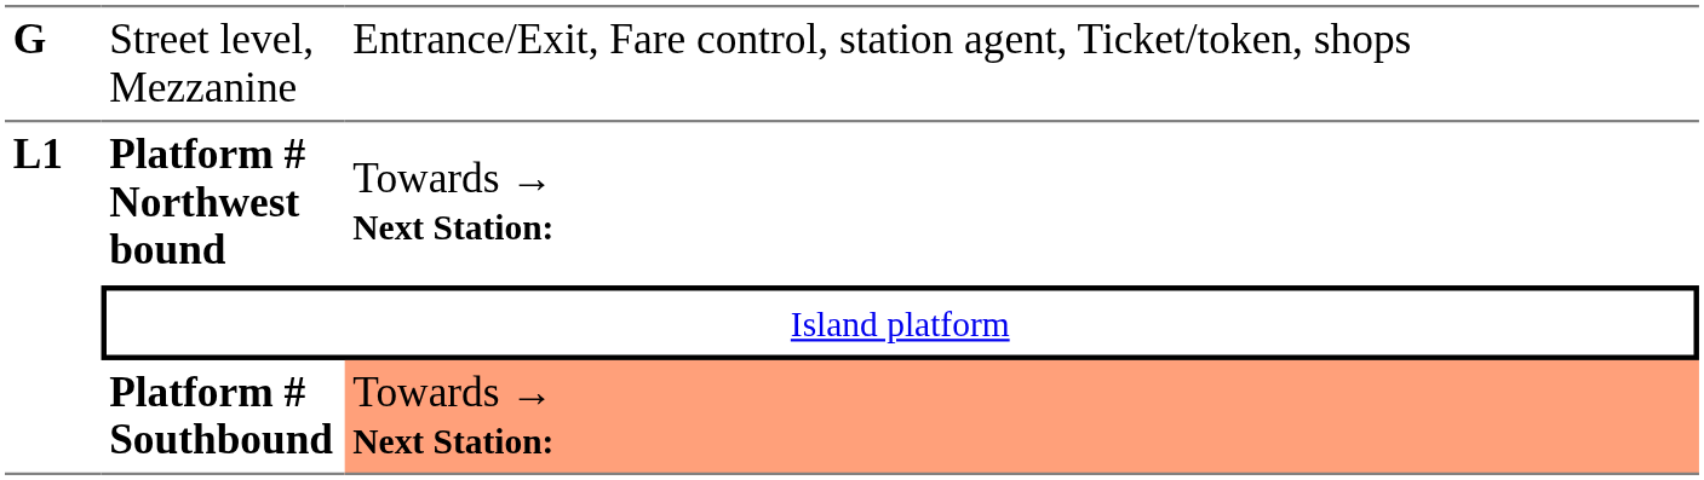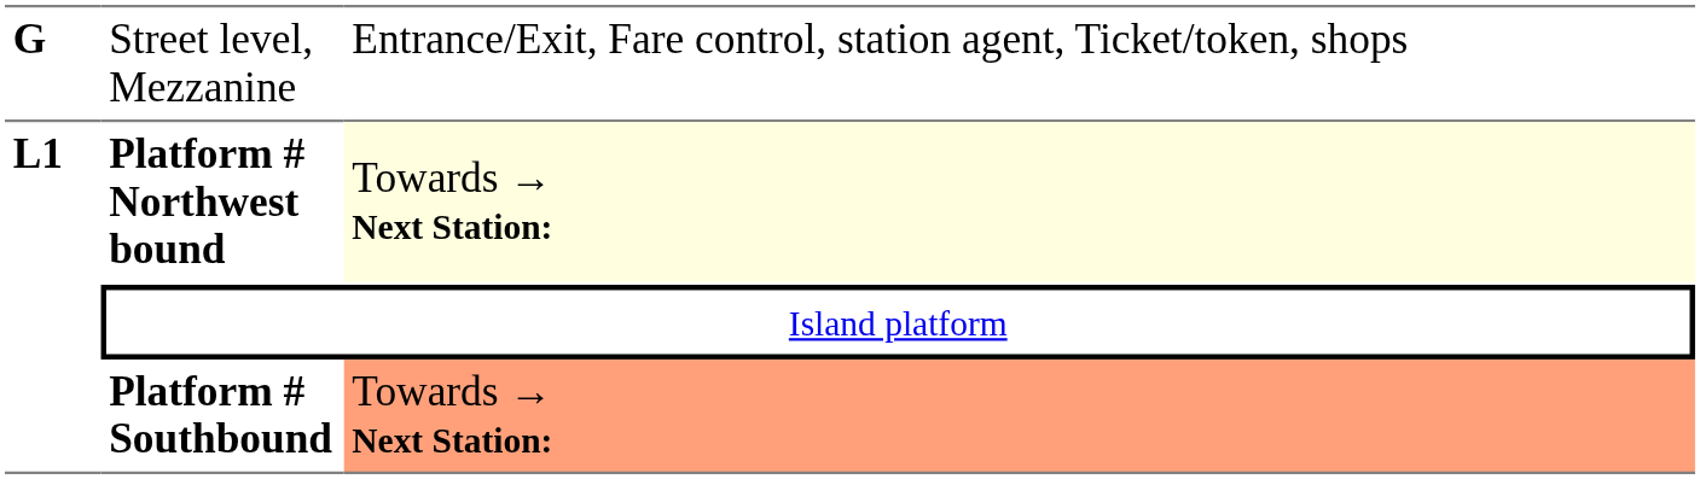 <table border="0" cellspacing="0" cellpadding="3">
 <tr>
 <td width="30" valign="top" style="border-top:solid 1px gray;border-bottom:solid 1px gray;"><strong>G</strong></td>
 <td width="85" valign="top" style="border-top:solid 1px gray;border-bottom:solid 1px gray;">Street level, Mezzanine</td>
 <td width="500" valign="top" style="border-top:solid 1px gray;border-bottom:solid 1px gray;">Entrance/Exit, Fare control, station agent, Ticket/token, shops</td>
 </tr>
 <tr>
 <td rowspan="3" width="30" valign="top" style="border-bottom:solid 1px gray;"><strong>L1</strong></td>
 <td width="85" style="border-bottom:solid 1px white;"><span><strong>Platform #</strong><br><strong>Northwest bound</strong></span></td>
-<td width="500" style="border-bottom:solid 1px white;">Towards → <br><small><strong>Next Station:</strong> </small></td>
+<td width="500" style="background: lightyellow; border-bottom:solid 1px white;">Towards → <br><small><strong>Next Station:</strong> </small></td>
 </tr>
 <tr>
 <td colspan="2" style="border-top:solid 2px black;border-right:solid 2px black;border-left:solid 2px black;border-bottom:solid 2px black;text-align:center;"><small><a href='#'>Island platform</a></small></td>
 </tr>
 <tr>
 <td width="85" style="border-bottom:solid 1px gray;"><span><strong>Platform #</strong><br><strong>Southbound</strong></span></td>
 <td width="500" style="background: lightsalmon; border-bottom:solid 1px gray;">Towards → <br><small><strong>Next Station:</strong> </small></td>
 </tr>
 <tr>
 </tr>
 </table>
